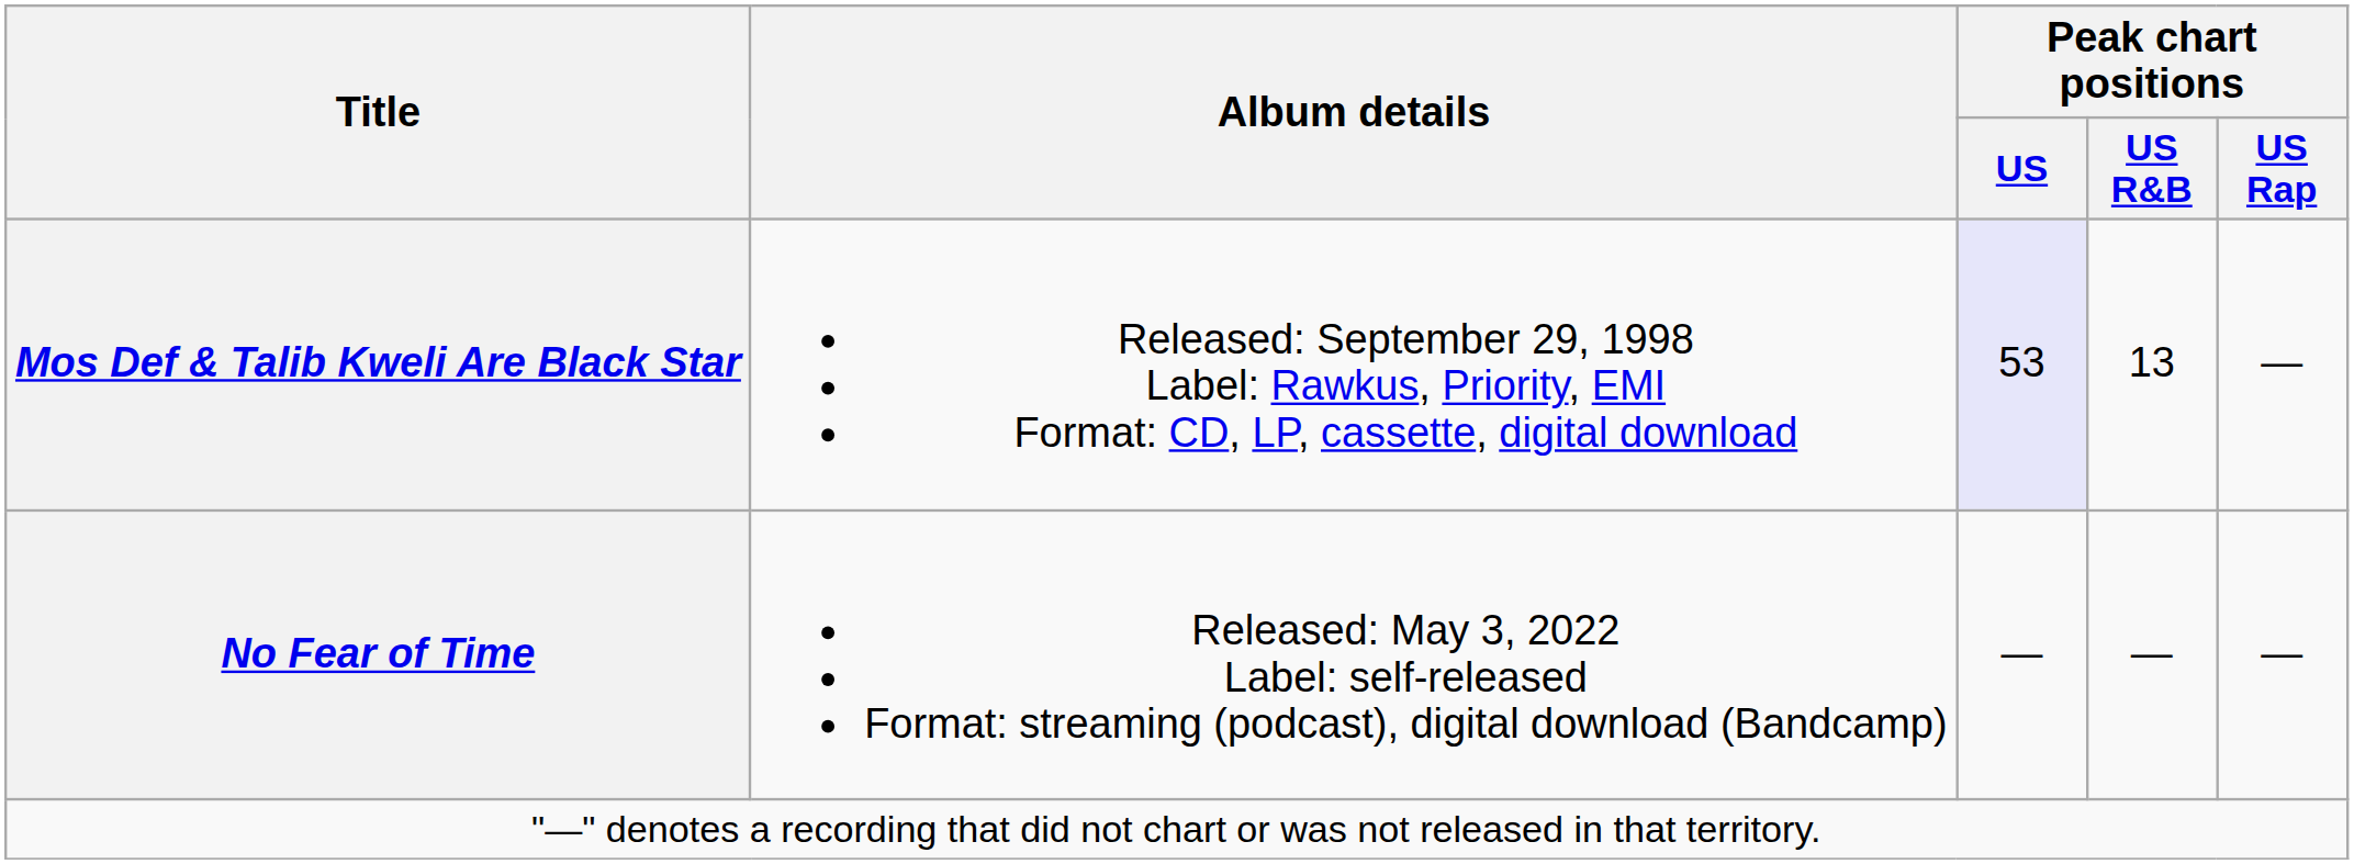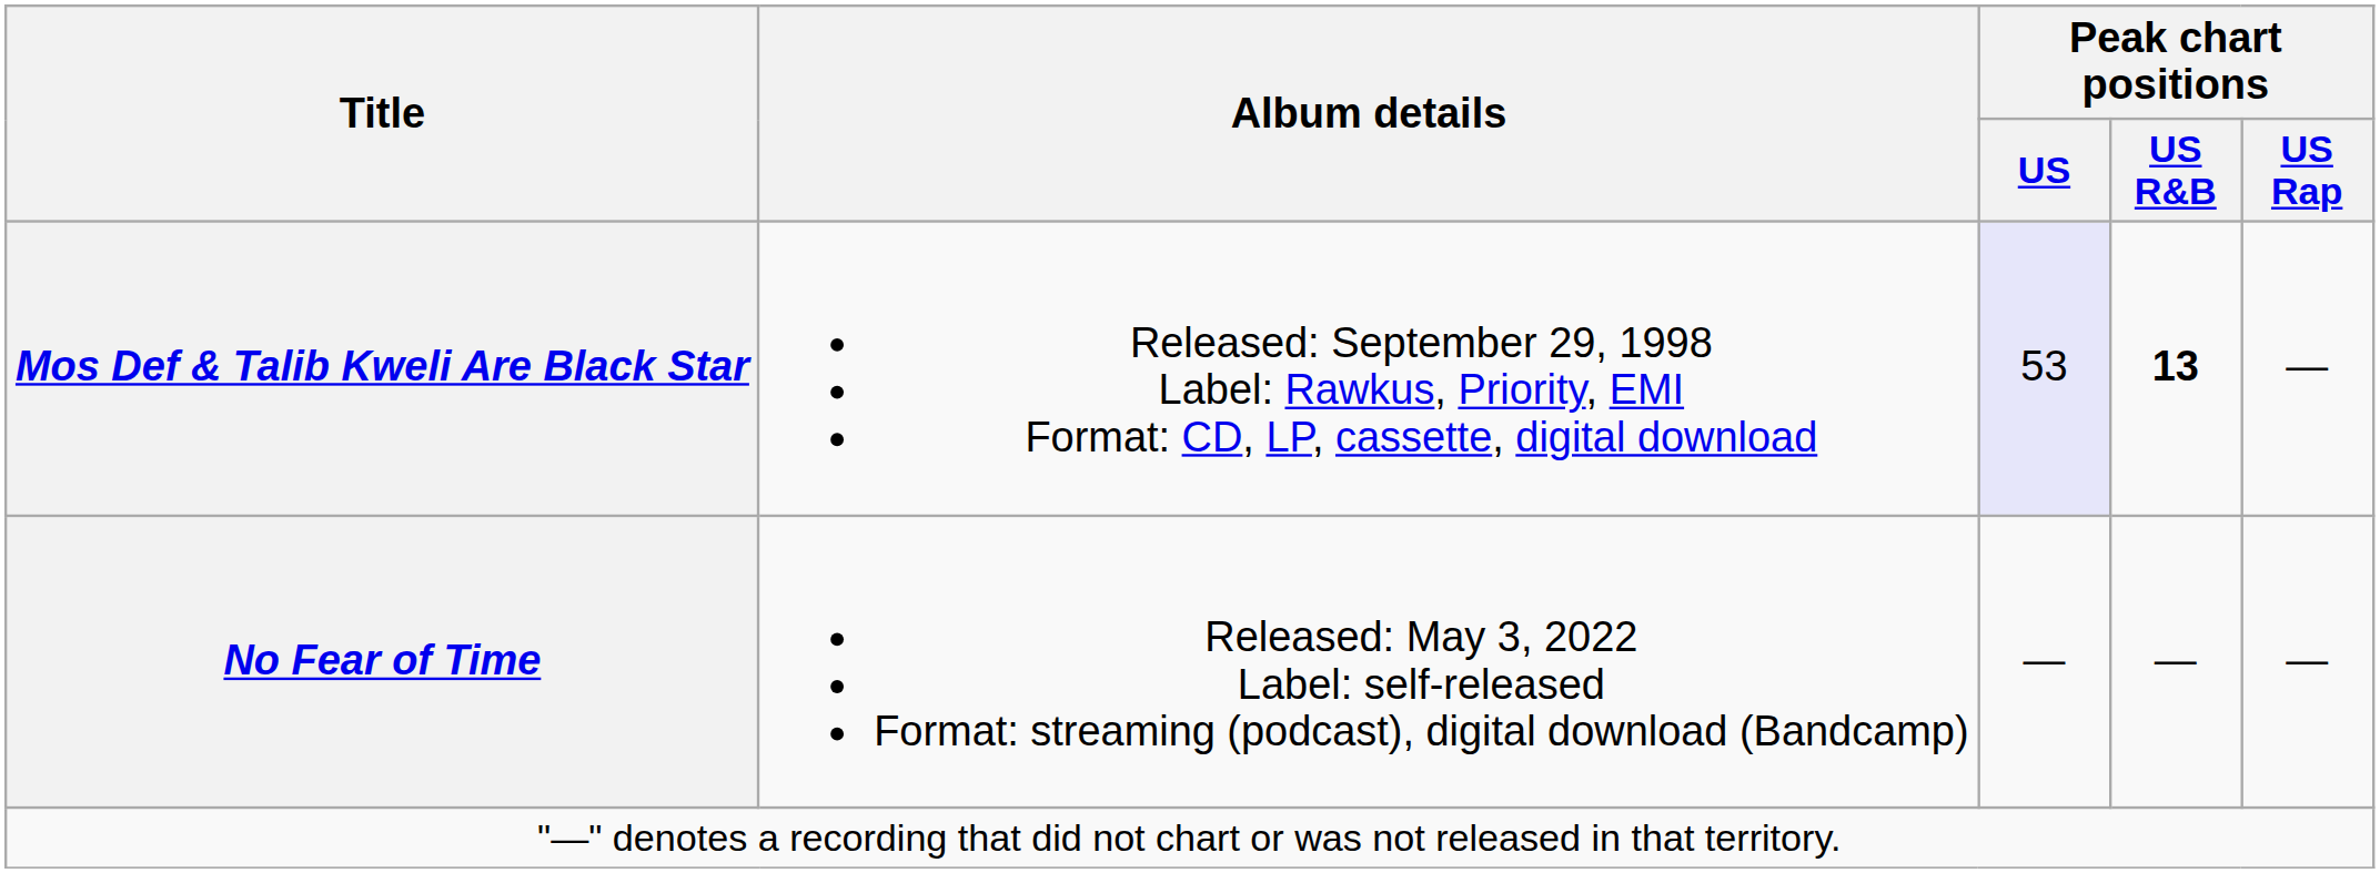 <table class="wikitable plainrowheaders" style="text-align:center;">
 <tr>
 <th scope="col" rowspan="2">Title</th>
 <th scope="col" rowspan="2">Album details</th>
 <th scope="col" colspan="3">Peak chart positions</th>
 </tr>
 <tr>
 <th style="width:3em;font-size:90%;"><a href='#'>US</a><br></th>
 <th style="width:3em;font-size:90%;"><a href='#'>US<br>R&B</a><br></th>
 <th style="width:3em;font-size:90%;"><a href='#'>US<br>Rap</a><br></th>
 </tr>
 <tr>
 <th scope="row"><em><a href='#'>Mos Def & Talib Kweli Are Black Star</a></em></th>
 <td><br><ul><li>Released: September 29, 1998 </li><li>Label: <a href='#'>Rawkus</a>, <a href='#'>Priority</a>, <a href='#'>EMI</a></li><li>Format: <a href='#'>CD</a>, <a href='#'>LP</a>, <a href='#'>cassette</a>, <a href='#'>digital download</a></li></ul></td>
 <td style="background: lavender;">53</td>
-<td>13</td>
+<td><strong>13</strong></td>
 <td>—</td>
 </tr>
 <tr>
 <th scope="row"><em><a href='#'>No Fear of Time</a></em></th>
 <td><br><ul><li>Released: May 3, 2022 </li><li>Label: self-released</li><li>Format: streaming (podcast), digital download (Bandcamp) </li></ul></td>
 <td>—</td>
 <td>—</td>
 <td>—</td>
 </tr>
 <tr>
 <td colspan="14" style="font-size:90%">"—" denotes a recording that did not chart or was not released in that territory.</td>
 </tr>
 </table>
